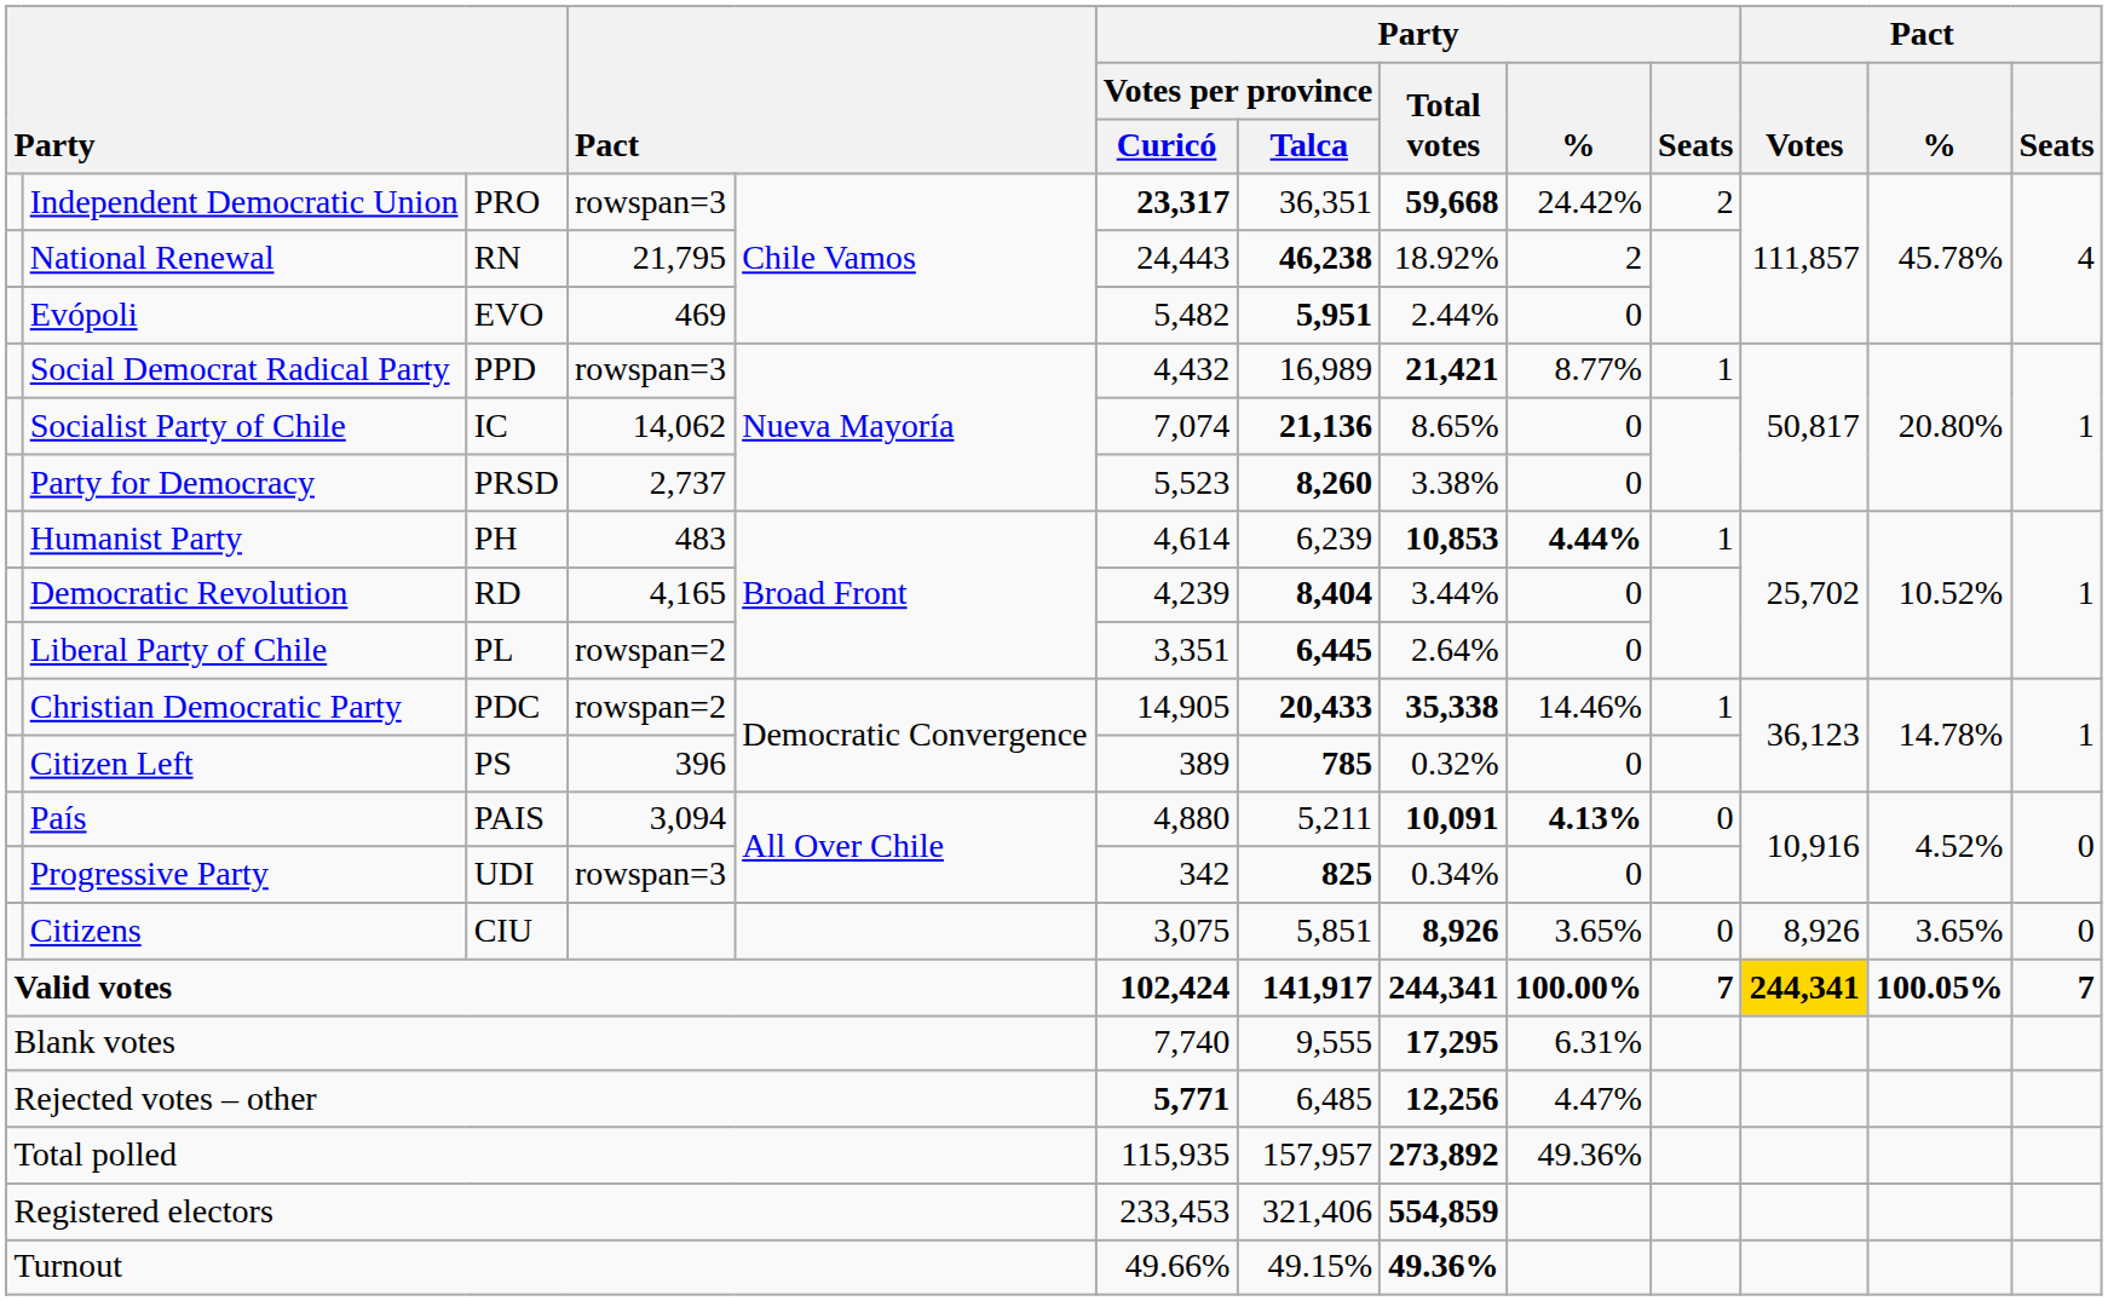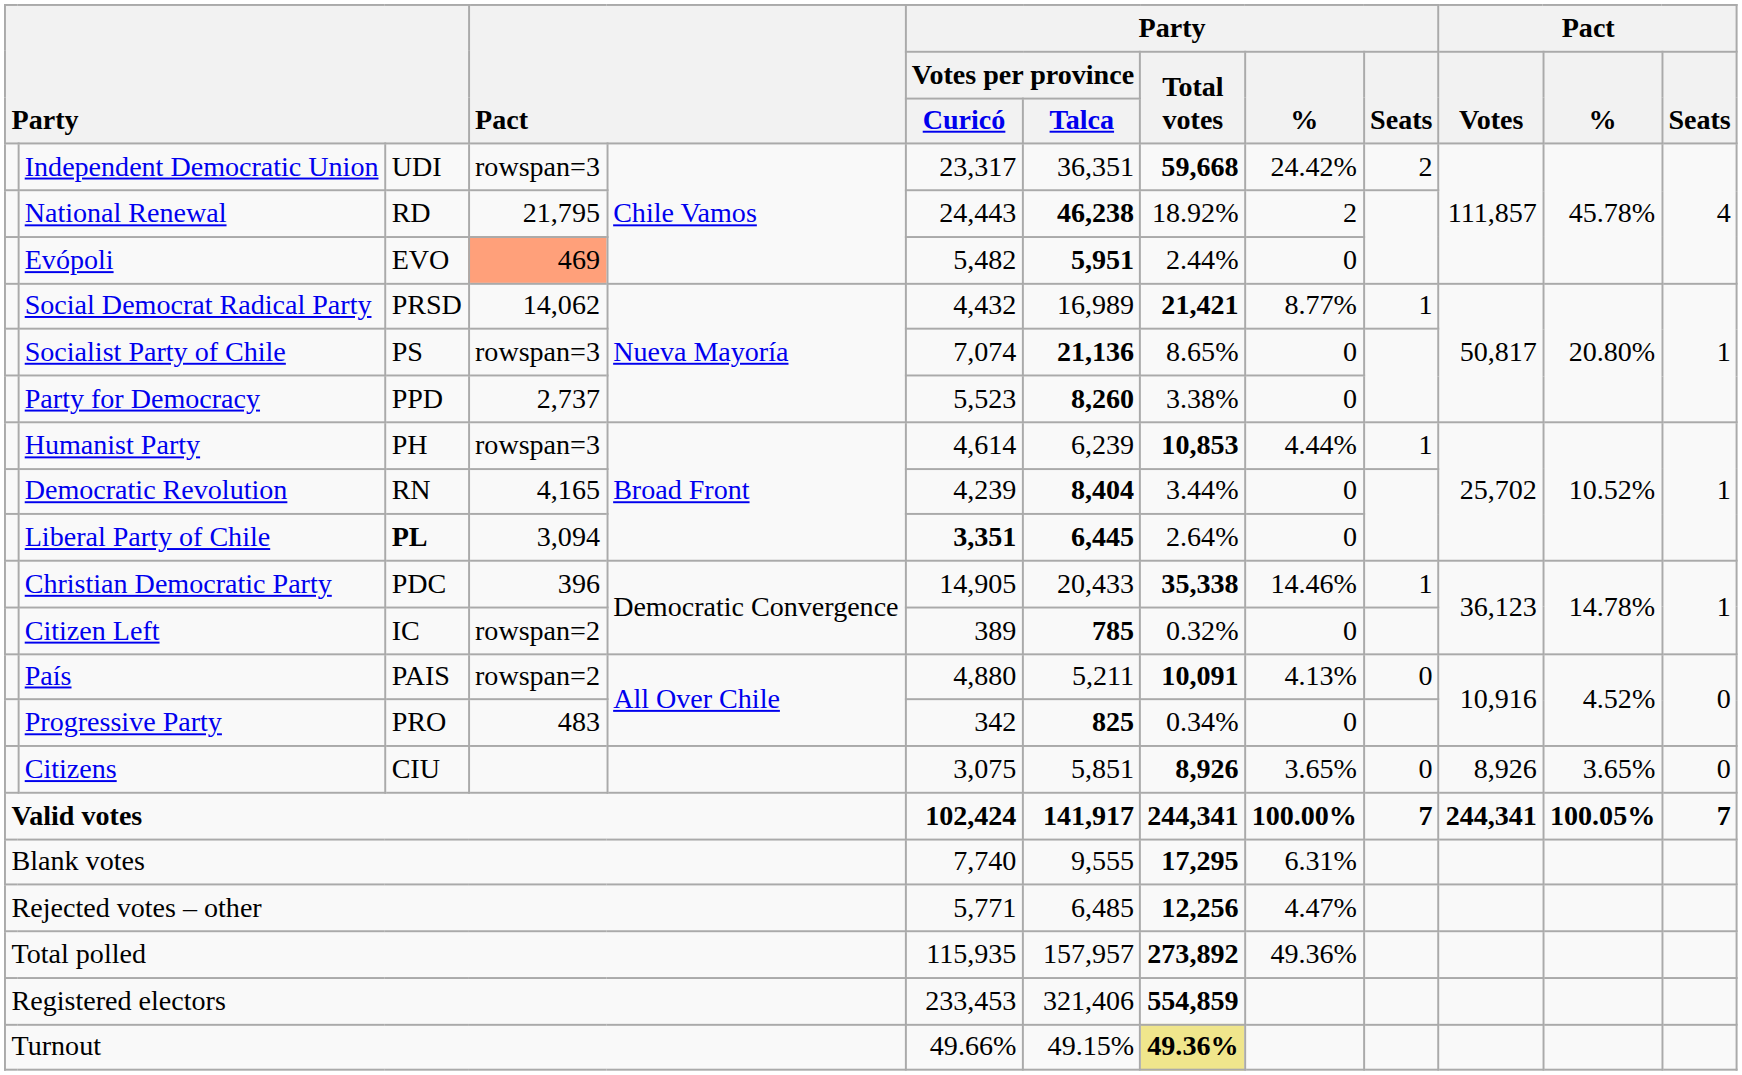 <table class="wikitable" border="1" style="font-size:90%; text-align:right; white-space: nowrap;">
 <tr>
 <th style="text-align:left;" valign=bottom rowspan=3 colspan=3>Party</th>
 <th style="text-align:left;" valign=bottom rowspan=3 colspan=2>Pact</th>
 <th colspan=5>Party</th>
 <th colspan=3>Pact</th>
 </tr>
 <tr>
 <th colspan=2>Votes per province</th>
 <th align=center valign=bottom rowspan=2 width="40">Total<br>votes</th>
 <th align=center valign=bottom rowspan=2 width="40">%</th>
 <th align=center valign=bottom rowspan=2>Seats</th>
 <th align=center valign=bottom rowspan=2 width="40">Votes</th>
 <th align=center valign=bottom rowspan=2 width="40">%</th>
 <th align=center valign=bottom rowspan=2>Seats</th>
 </tr>
 <tr>
 <th align=center valign=bottom width="40"><a href='#'>Curicó</a></th>
 <th align=center valign=bottom width="40"><a href='#'>Talca</a></th>
 </tr>
 <tr>
 <td></td>
 <td align=left><a href='#'>Independent Democratic Union</a></td>
-<td align=left>PRO</td>
+<td align=left>UDI</td>
 <td>rowspan=3 </td>
 <td rowspan=3 align=left><a href='#'>Chile Vamos</a></td>
-<td><strong>23,317</strong></td>
+<td>23,317</td>
 <td>36,351</td>
 <td><strong>59,668</strong></td>
 <td>24.42%</td>
 <td>2</td>
 <td rowspan=3>111,857</td>
 <td rowspan=3>45.78%</td>
 <td rowspan=3>4</td>
 </tr>
 <tr>
 <td></td>
 <td align=left><a href='#'>National Renewal</a></td>
-<td align=left>RN</td>
+<td align=left>RD</td>
 <td>21,795</td>
 <td>24,443</td>
 <td><strong>46,238</strong></td>
 <td>18.92%</td>
 <td>2</td>
 </tr>
 <tr>
 <td></td>
 <td align=left><a href='#'>Evópoli</a></td>
 <td align=left>EVO</td>
-<td>469</td>
+<td style="background: lightsalmon;">469</td>
 <td>5,482</td>
 <td><strong>5,951</strong></td>
 <td>2.44%</td>
 <td>0</td>
 </tr>
 <tr>
 <td></td>
 <td align=left><a href='#'>Social Democrat Radical Party</a></td>
-<td align=left>PPD</td>
-<td>rowspan=3 </td>
+<td align=left>PRSD</td>
+<td>14,062</td>
 <td rowspan=3 align=left><a href='#'>Nueva Mayoría</a></td>
 <td>4,432</td>
 <td>16,989</td>
 <td><strong>21,421</strong></td>
 <td>8.77%</td>
 <td>1</td>
 <td rowspan=3>50,817</td>
 <td rowspan=3>20.80%</td>
 <td rowspan=3>1</td>
 </tr>
 <tr>
 <td></td>
 <td align=left><a href='#'>Socialist Party of Chile</a></td>
-<td align=left>IC</td>
-<td>14,062</td>
+<td align=left>PS</td>
+<td>rowspan=3 </td>
 <td>7,074</td>
 <td><strong>21,136</strong></td>
 <td>8.65%</td>
 <td>0</td>
 </tr>
 <tr>
 <td></td>
 <td align=left><a href='#'>Party for Democracy</a></td>
-<td align=left>PRSD</td>
+<td align=left>PPD</td>
 <td>2,737</td>
 <td>5,523</td>
 <td><strong>8,260</strong></td>
 <td>3.38%</td>
 <td>0</td>
 </tr>
 <tr>
 <td></td>
 <td align=left><a href='#'>Humanist Party</a></td>
 <td align=left>PH</td>
-<td>483</td>
+<td>rowspan=3 </td>
 <td rowspan=3 align=left><a href='#'>Broad Front</a></td>
 <td>4,614</td>
 <td>6,239</td>
 <td><strong>10,853</strong></td>
-<td><strong>4.44%</strong></td>
+<td>4.44%</td>
 <td>1</td>
 <td rowspan=3>25,702</td>
 <td rowspan=3>10.52%</td>
 <td rowspan=3>1</td>
 </tr>
 <tr>
 <td></td>
 <td align=left><a href='#'>Democratic Revolution</a></td>
-<td align=left>RD</td>
+<td align=left>RN</td>
 <td>4,165</td>
 <td>4,239</td>
 <td><strong>8,404</strong></td>
 <td>3.44%</td>
 <td>0</td>
 </tr>
 <tr>
 <td></td>
 <td align=left><a href='#'>Liberal Party of Chile</a></td>
-<td align=left>PL</td>
-<td>rowspan=2 </td>
-<td>3,351</td>
+<td align=left><strong>PL</strong></td>
+<td>3,094</td>
+<td><strong>3,351</strong></td>
 <td><strong>6,445</strong></td>
 <td>2.64%</td>
 <td>0</td>
 </tr>
 <tr>
 <td></td>
 <td align=left><a href='#'>Christian Democratic Party</a></td>
 <td align=left>PDC</td>
-<td>rowspan=2 </td>
+<td>396</td>
 <td rowspan=2 align=left>Democratic Convergence</td>
 <td>14,905</td>
-<td><strong>20,433</strong></td>
+<td>20,433</td>
 <td><strong>35,338</strong></td>
 <td>14.46%</td>
 <td>1</td>
 <td rowspan=2>36,123</td>
 <td rowspan=2>14.78%</td>
 <td rowspan=2>1</td>
 </tr>
 <tr>
 <td></td>
 <td align=left><a href='#'>Citizen Left</a></td>
-<td align=left>PS</td>
-<td>396</td>
+<td align=left>IC</td>
+<td>rowspan=2 </td>
 <td>389</td>
 <td><strong>785</strong></td>
 <td>0.32%</td>
 <td>0</td>
 </tr>
 <tr>
 <td></td>
 <td align=left><a href='#'>País</a></td>
 <td align=left>PAIS</td>
-<td>3,094</td>
+<td>rowspan=2 </td>
 <td rowspan=2 align=left><a href='#'>All Over Chile</a></td>
 <td>4,880</td>
 <td>5,211</td>
 <td><strong>10,091</strong></td>
-<td><strong>4.13%</strong></td>
+<td>4.13%</td>
 <td>0</td>
 <td rowspan=2>10,916</td>
 <td rowspan=2>4.52%</td>
 <td rowspan=2>0</td>
 </tr>
 <tr>
 <td></td>
 <td align=left><a href='#'>Progressive Party</a></td>
-<td align=left>UDI</td>
-<td>rowspan=3 </td>
+<td align=left>PRO</td>
+<td>483</td>
 <td>342</td>
 <td><strong>825</strong></td>
 <td>0.34%</td>
 <td>0</td>
 </tr>
 <tr>
 <td></td>
 <td align=left><a href='#'>Citizens</a></td>
 <td align=left>CIU</td>
 <td></td>
 <td></td>
 <td>3,075</td>
 <td>5,851</td>
 <td><strong>8,926</strong></td>
 <td>3.65%</td>
 <td>0</td>
 <td>8,926</td>
 <td>3.65%</td>
 <td>0</td>
 </tr>
 <tr style="font-weight:bold">
 <td align=left colspan=5>Valid votes</td>
 <td>102,424</td>
 <td>141,917</td>
 <td>244,341</td>
 <td>100.00%</td>
 <td>7</td>
-<td style="background: gold;">244,341</td>
+<td>244,341</td>
 <td>100.05%</td>
 <td>7</td>
 </tr>
 <tr>
 <td align=left colspan=5>Blank votes</td>
 <td>7,740</td>
 <td>9,555</td>
 <td><strong>17,295</strong></td>
 <td>6.31%</td>
 <td></td>
 <td></td>
 <td></td>
 <td></td>
 </tr>
 <tr>
 <td align=left colspan=5>Rejected votes – other</td>
-<td><strong>5,771</strong></td>
+<td>5,771</td>
 <td>6,485</td>
 <td><strong>12,256</strong></td>
 <td>4.47%</td>
 <td></td>
 <td></td>
 <td></td>
 <td></td>
 </tr>
 <tr>
 <td align=left colspan=5>Total polled</td>
 <td>115,935</td>
 <td>157,957</td>
 <td><strong>273,892</strong></td>
 <td>49.36%</td>
 <td></td>
 <td></td>
 <td></td>
 <td></td>
 </tr>
 <tr>
 <td align=left colspan=5>Registered electors</td>
 <td>233,453</td>
 <td>321,406</td>
 <td><strong>554,859</strong></td>
 <td></td>
 <td></td>
 <td></td>
 <td></td>
 <td></td>
 </tr>
 <tr>
 <td align=left colspan=5>Turnout</td>
 <td>49.66%</td>
 <td>49.15%</td>
-<td><strong>49.36%</strong></td>
+<td style="background: khaki;"><strong>49.36%</strong></td>
 <td></td>
 <td></td>
 <td></td>
 <td></td>
 <td></td>
 </tr>
 </table>
